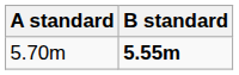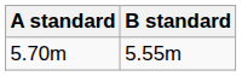 <table class="wikitable" border="1" align="upright">
 <tr>
 <th>A standard</th>
 <th>B standard</th>
 </tr>
 <tr>
 <td>5.70m</td>
-<td><strong>5.55m</strong></td>
+<td>5.55m</td>
 </tr>
 </table>
